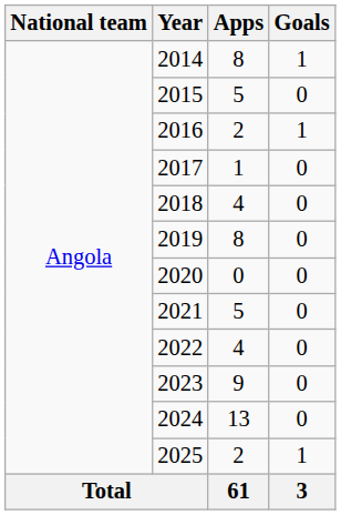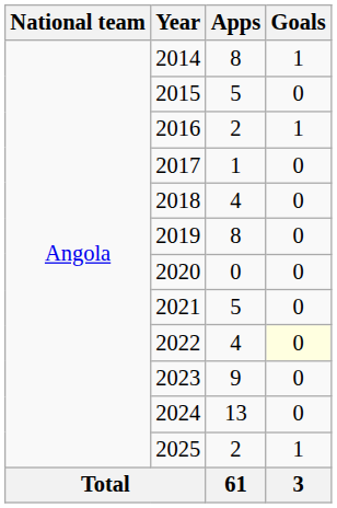 <table class="wikitable" style="text-align:center">
 <tr>
 <th>National team</th>
 <th>Year</th>
 <th>Apps</th>
 <th>Goals</th>
 </tr>
 <tr>
 <td rowspan="12"><a href='#'>Angola</a></td>
 <td>2014</td>
 <td>8</td>
 <td>1</td>
 </tr>
 <tr>
 <td>2015</td>
 <td>5</td>
 <td>0</td>
 </tr>
 <tr>
 <td>2016</td>
 <td>2</td>
 <td>1</td>
 </tr>
 <tr>
 <td>2017</td>
 <td>1</td>
 <td>0</td>
 </tr>
 <tr>
 <td>2018</td>
 <td>4</td>
 <td>0</td>
 </tr>
 <tr>
 <td>2019</td>
 <td>8</td>
 <td>0</td>
 </tr>
 <tr>
 <td>2020</td>
 <td>0</td>
 <td>0</td>
 </tr>
 <tr>
 <td>2021</td>
 <td>5</td>
 <td>0</td>
 </tr>
 <tr>
 <td>2022</td>
 <td>4</td>
-<td>0</td>
+<td style="background: lightyellow;">0</td>
 </tr>
 <tr>
 <td>2023</td>
 <td>9</td>
 <td>0</td>
 </tr>
 <tr>
 <td>2024</td>
 <td>13</td>
 <td>0</td>
 </tr>
 <tr>
 <td>2025</td>
 <td>2</td>
 <td>1</td>
 </tr>
 <tr>
 <th colspan="2">Total</th>
 <th>61</th>
 <th>3</th>
 </tr>
 </table>
